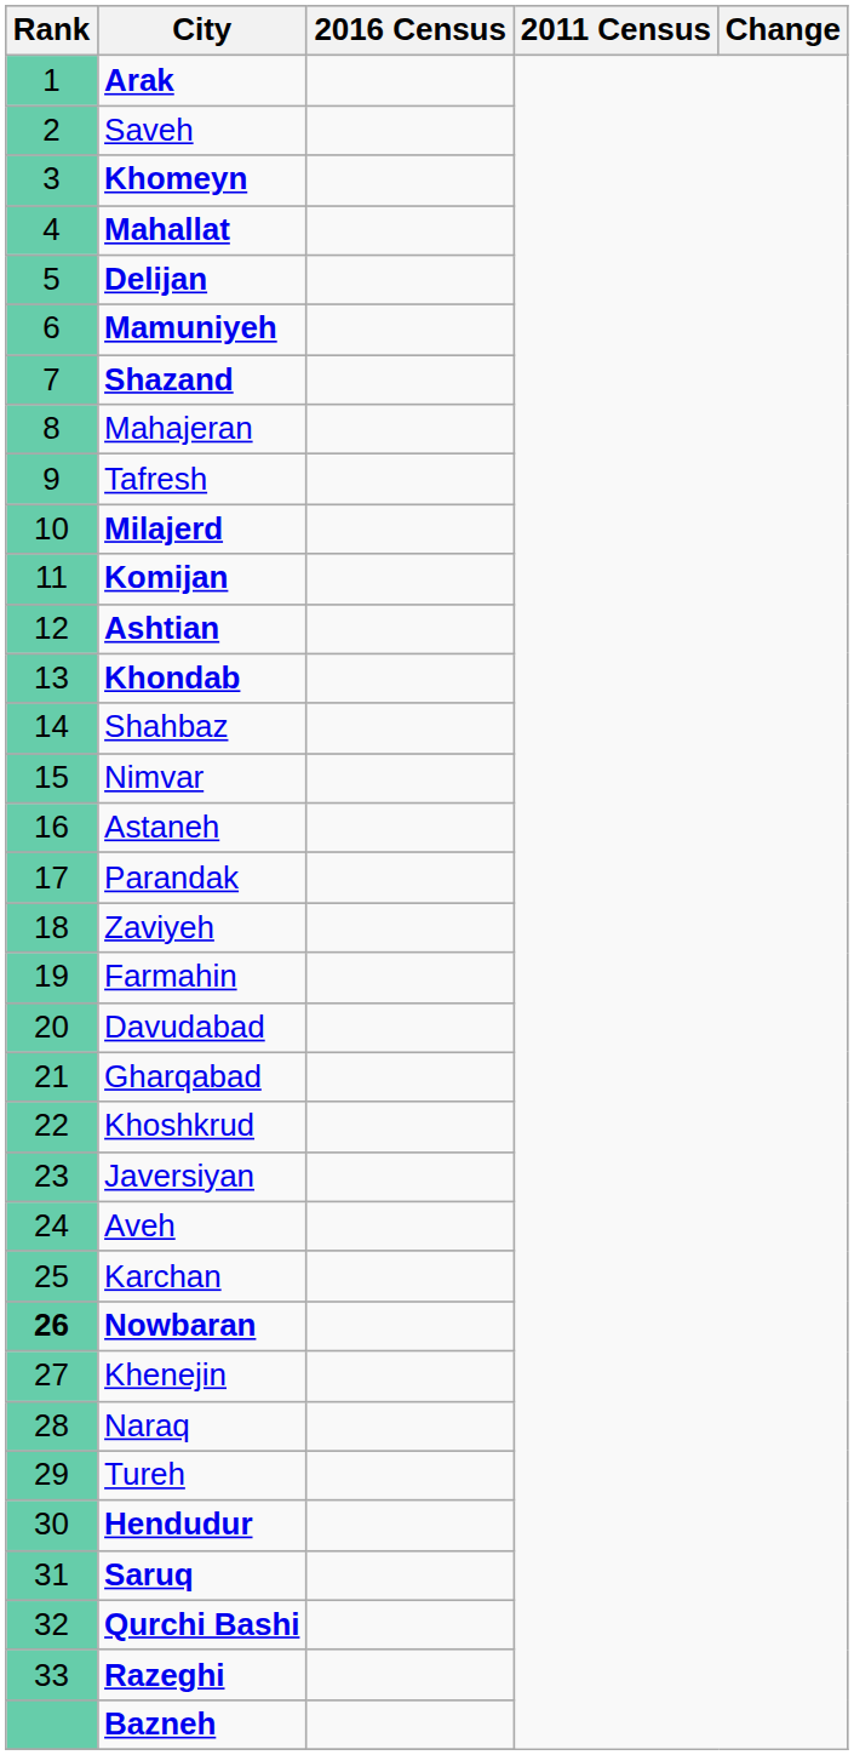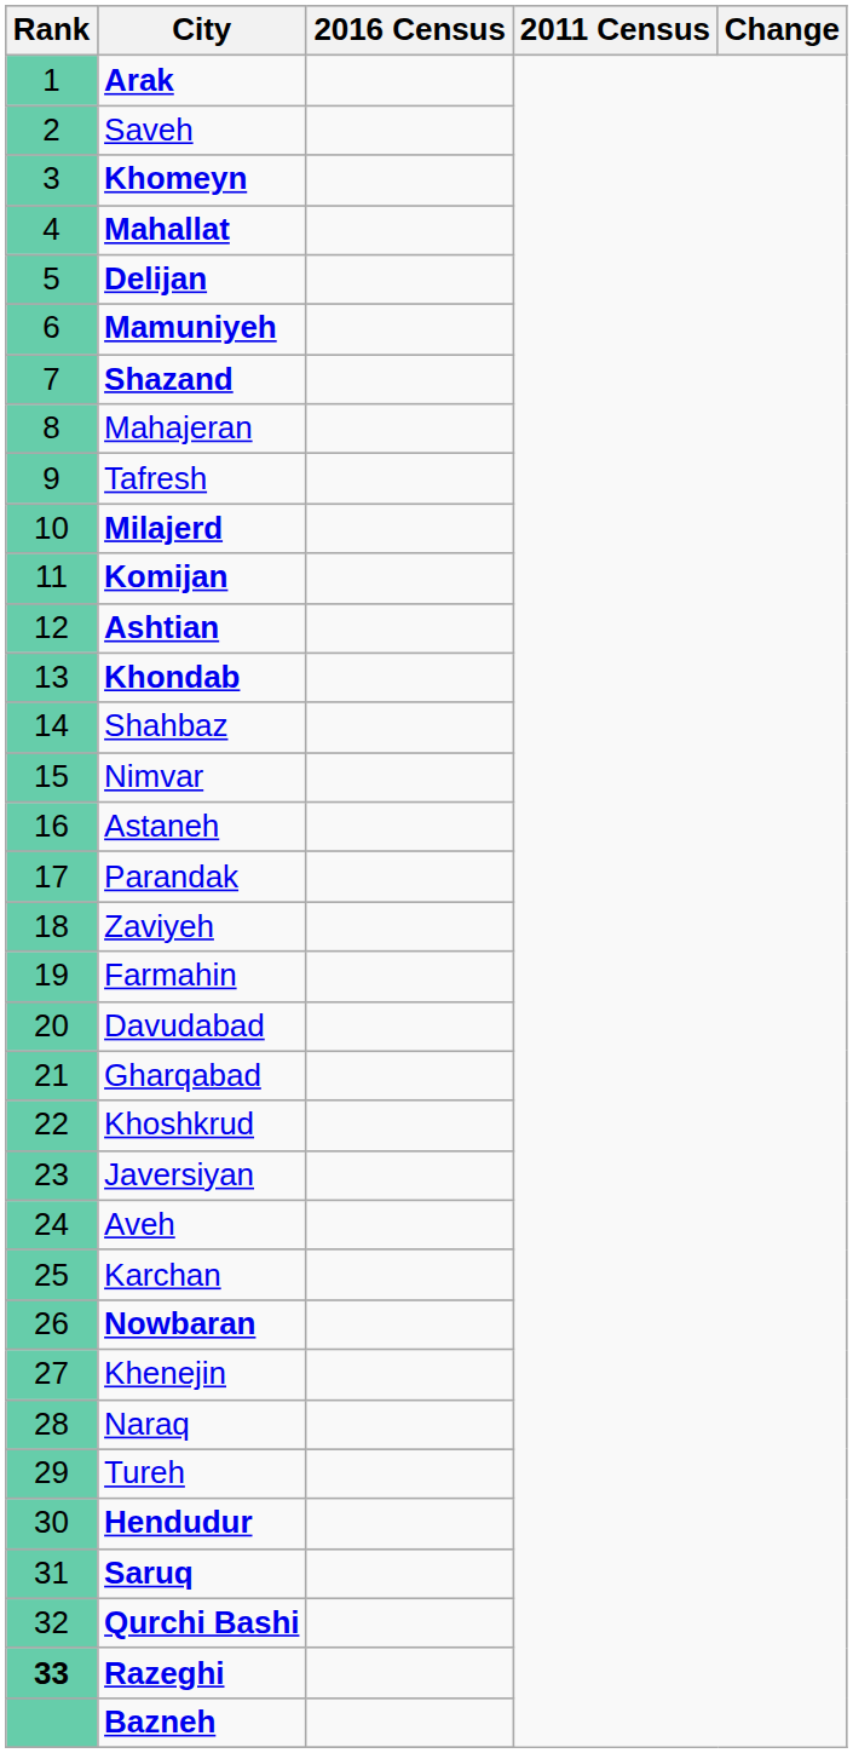 <table class="wikitable sortable">
 <tr>
 <th>Rank</th>
 <th>City</th>
 <th>2016 Census</th>
 <th>2011 Census</th>
 <th>Change</th>
 </tr>
 <tr>
 <td align=center bgcolor="66CDAA">1</td>
 <td><strong><a href='#'>Arak</a></strong></td>
 <td></td>
 </tr>
 <tr>
 <td align=center bgcolor="66CDAA">2</td>
 <td><a href='#'>Saveh</a></td>
 <td></td>
 </tr>
 <tr>
 <td align=center bgcolor="66CDAA">3</td>
 <td><strong><a href='#'>Khomeyn</a></strong></td>
 <td></td>
 </tr>
 <tr>
 <td align=center bgcolor="66CDAA">4</td>
 <td><strong><a href='#'>Mahallat</a></strong></td>
 <td></td>
 </tr>
 <tr>
 <td align=center bgcolor="66CDAA">5</td>
 <td><strong><a href='#'>Delijan</a></strong></td>
 <td></td>
 </tr>
 <tr>
 <td align="center" bgcolor="66CDAA">6</td>
 <td><strong><a href='#'>Mamuniyeh</a></strong></td>
 <td></td>
 </tr>
 <tr>
 <td align=center bgcolor="66CDAA">7</td>
 <td><strong><a href='#'>Shazand</a></strong></td>
 <td></td>
 </tr>
 <tr>
 <td align=center bgcolor="66CDAA">8</td>
 <td><a href='#'>Mahajeran</a></td>
 <td></td>
 </tr>
 <tr>
 <td align=center bgcolor="66CDAA">9</td>
 <td><a href='#'>Tafresh</a></td>
 <td></td>
 </tr>
 <tr>
 <td align=center bgcolor="66CDAA">10</td>
 <td><strong><a href='#'>Milajerd</a></strong></td>
 <td></td>
 </tr>
 <tr>
 <td align="center" bgcolor="66CDAA">11</td>
 <td><strong><a href='#'>Komijan</a></strong></td>
 <td></td>
 </tr>
 <tr>
 <td align=center bgcolor="66CDAA">12</td>
 <td><strong><a href='#'>Ashtian</a></strong></td>
 <td></td>
 </tr>
 <tr>
 <td align=center bgcolor="66CDAA">13</td>
 <td><strong><a href='#'>Khondab</a></strong></td>
 <td></td>
 </tr>
 <tr>
 <td align=center bgcolor="66CDAA">14</td>
 <td><a href='#'>Shahbaz</a></td>
 <td></td>
 </tr>
 <tr>
 <td align="center" bgcolor="66CDAA">15</td>
 <td><a href='#'>Nimvar</a></td>
 <td></td>
 </tr>
 <tr>
 <td align=center bgcolor="66CDAA">16</td>
 <td><a href='#'>Astaneh</a></td>
 <td></td>
 </tr>
 <tr>
 <td align="center" bgcolor="66CDAA">17</td>
 <td><a href='#'>Parandak</a></td>
 <td></td>
 </tr>
 <tr>
 <td align=center bgcolor="66CDAA">18</td>
 <td><a href='#'>Zaviyeh</a></td>
 <td></td>
 </tr>
 <tr>
 <td align=center bgcolor="66CDAA">19</td>
 <td><a href='#'>Farmahin</a></td>
 <td></td>
 </tr>
 <tr>
 <td align=center bgcolor="66CDAA">20</td>
 <td><a href='#'>Davudabad</a></td>
 <td></td>
 </tr>
 <tr>
 <td align=center bgcolor="66CDAA">21</td>
 <td><a href='#'>Gharqabad</a></td>
 <td></td>
 </tr>
 <tr>
 <td align=center bgcolor="66CDAA">22</td>
 <td><a href='#'>Khoshkrud</a></td>
 <td></td>
 </tr>
 <tr>
 <td align=center bgcolor="66CDAA">23</td>
 <td><a href='#'>Javersiyan</a></td>
 <td></td>
 </tr>
 <tr>
 <td align=center bgcolor="66CDAA">24</td>
 <td><a href='#'>Aveh</a></td>
 <td></td>
 </tr>
 <tr>
 <td align=center bgcolor="66CDAA">25</td>
 <td><a href='#'>Karchan</a></td>
 <td></td>
 </tr>
 <tr>
-<td align=center bgcolor="66CDAA"><strong>26</strong></td>
+<td align=center bgcolor="66CDAA">26</td>
 <td><strong><a href='#'>Nowbaran</a></strong></td>
 <td></td>
 </tr>
 <tr>
 <td align=center bgcolor="66CDAA">27</td>
 <td><a href='#'>Khenejin</a></td>
 <td></td>
 </tr>
 <tr>
 <td align=center bgcolor="66CDAA">28</td>
 <td><a href='#'>Naraq</a></td>
 <td></td>
 </tr>
 <tr>
 <td align=center bgcolor="66CDAA">29</td>
 <td><a href='#'>Tureh</a></td>
 <td></td>
 </tr>
 <tr>
 <td align="center" bgcolor="66CDAA">30</td>
 <td><strong><a href='#'>Hendudur</a></strong></td>
 <td></td>
 </tr>
 <tr>
 <td align=center bgcolor="66CDAA">31</td>
 <td><strong><a href='#'>Saruq</a></strong></td>
 <td></td>
 </tr>
 <tr>
 <td align=center bgcolor="66CDAA">32</td>
 <td><strong><a href='#'>Qurchi Bashi</a></strong></td>
 <td></td>
 </tr>
 <tr>
-<td align=center bgcolor="66CDAA">33</td>
+<td align=center bgcolor="66CDAA"><strong>33</strong></td>
 <td><strong><a href='#'>Razeghi</a></strong></td>
 <td></td>
 </tr>
 <tr>
 <td align=center bgcolor="66CDAA"></td>
 <td><strong><a href='#'>Bazneh</a></strong></td>
 <td></td>
 </tr>
 <tr>
 </tr>
 </table>
